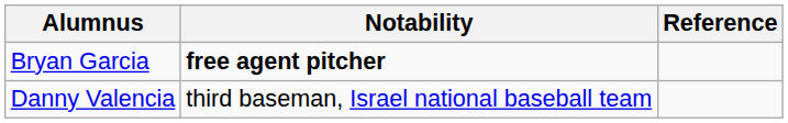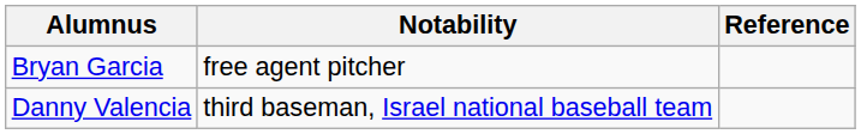 <table class="wikitable">
 <tr>
 <th>Alumnus</th>
 <th>Notability</th>
 <th>Reference</th>
 </tr>
 <tr>
 <td><a href='#'>Bryan Garcia</a></td>
-<td><strong>free agent pitcher</strong></td>
+<td>free agent pitcher</td>
 </tr>
 <tr>
 <td><a href='#'>Danny Valencia</a></td>
 <td>third baseman, <a href='#'>Israel national baseball team</a></td>
 <td></td>
 </tr>
 </table>
